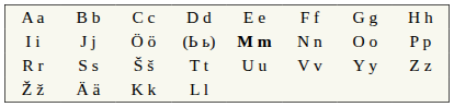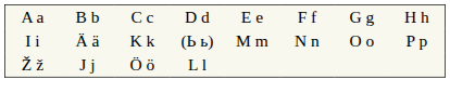 <table style="font-family:Arial Unicode MS; font-size:1.4em; border-color:#000000; border-width:1px; border-style:solid; border-collapse:collapse; background-color:#F8F8EF">
 <tr>
 <td style="width:3em; text-align:center; padding: 3px;">A a</td>
 <td style="width:3em; text-align:center; padding: 3px;">B b</td>
 <td style="width:3em; text-align:center; padding: 3px;">C c</td>
 <td style="width:3em; text-align:center; padding: 3px;">D d</td>
 <td style="width:3em; text-align:center; padding: 3px;">E e</td>
 <td style="width:3em; text-align:center; padding: 3px;">F f</td>
 <td style="width:3em; text-align:center; padding: 3px;">G g</td>
 <td style="width:3em; text-align:center; padding: 3px;">H h</td>
 </tr>
 <tr>
 <td style="width:3em; text-align:center; padding: 3px;">I i</td>
-<td style="width:3em; text-align:center; padding: 3px;">J j</td>
-<td style="width:3em; text-align:center; padding: 3px;">Ö ö</td>
+<td style="width:3em; text-align:center; padding: 3px;">Ä ä</td>
+<td style="width:3em; text-align:center; padding: 3px;">K k</td>
 <td style="width:3em; text-align:center; padding: 3px;">(Ь ь)</td>
-<td style="width:3em; text-align:center; padding: 3px;"><strong>M m</strong></td>
+<td style="width:3em; text-align:center; padding: 3px;">M m</td>
 <td style="width:3em; text-align:center; padding: 3px;">N n</td>
 <td style="width:3em; text-align:center; padding: 3px;">O o</td>
 <td style="width:3em; text-align:center; padding: 3px;">P p</td>
 </tr>
 <tr>
-<td style="width:3em; text-align:center; padding: 3px;">R r</td>
-<td style="width:3em; text-align:center; padding: 3px;">S s</td>
-<td style="width:3em; text-align:center; padding: 3px;">Š š</td>
-<td style="width:3em; text-align:center; padding: 3px;">T t</td>
-<td style="width:3em; text-align:center; padding: 3px;">U u</td>
-<td style="width:3em; text-align:center; padding: 3px;">V v</td>
-<td style="width:3em; text-align:center; padding: 3px;">Y y</td>
-<td style="width:3em; text-align:center; padding: 3px;">Z z</td>
-</tr>
-<tr>
 <td style="width:3em; text-align:center; padding: 3px;">Ž ž</td>
-<td style="width:3em; text-align:center; padding: 3px;">Ä ä</td>
-<td style="width:3em; text-align:center; padding: 3px;">K k</td>
+<td style="width:3em; text-align:center; padding: 3px;">J j</td>
+<td style="width:3em; text-align:center; padding: 3px;">Ö ö</td>
 <td style="width:3em; text-align:center; padding: 3px;">L l</td>
 </tr>
 </table>
